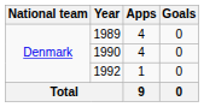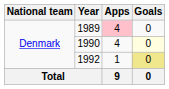 <table class=wikitable style="text-align: center">
 <tr>
 <th>National team</th>
 <th>Year</th>
 <th>Apps</th>
 <th>Goals</th>
 </tr>
 <tr>
 <td rowspan=3><a href='#'>Denmark</a></td>
 <td>1989</td>
-<td>4</td>
+<td style="background: pink;">4</td>
 <td>0</td>
 </tr>
 <tr>
 <td>1990</td>
 <td>4</td>
-<td>0</td>
+<td style="background: lightyellow;">0</td>
 </tr>
 <tr>
 <td>1992</td>
 <td>1</td>
-<td>0</td>
+<td style="background: khaki;">0</td>
 </tr>
 <tr>
 <th colspan=2>Total</th>
 <th>9</th>
 <th>0</th>
 </tr>
 </table>
